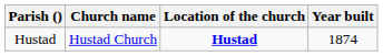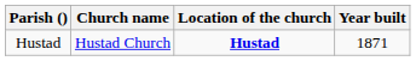 <table class="wikitable" style="text-align:center">
 <tr>
 <th>Parish ()</th>
 <th>Church name</th>
 <th>Location of the church</th>
 <th>Year built</th>
 </tr>
 <tr>
 <td rowspan="1">Hustad</td>
 <td><a href='#'>Hustad Church</a></td>
 <td><strong><a href='#'>Hustad</a></strong></td>
-<td>1874</td>
+<td>1871</td>
 </tr>
 </table>
